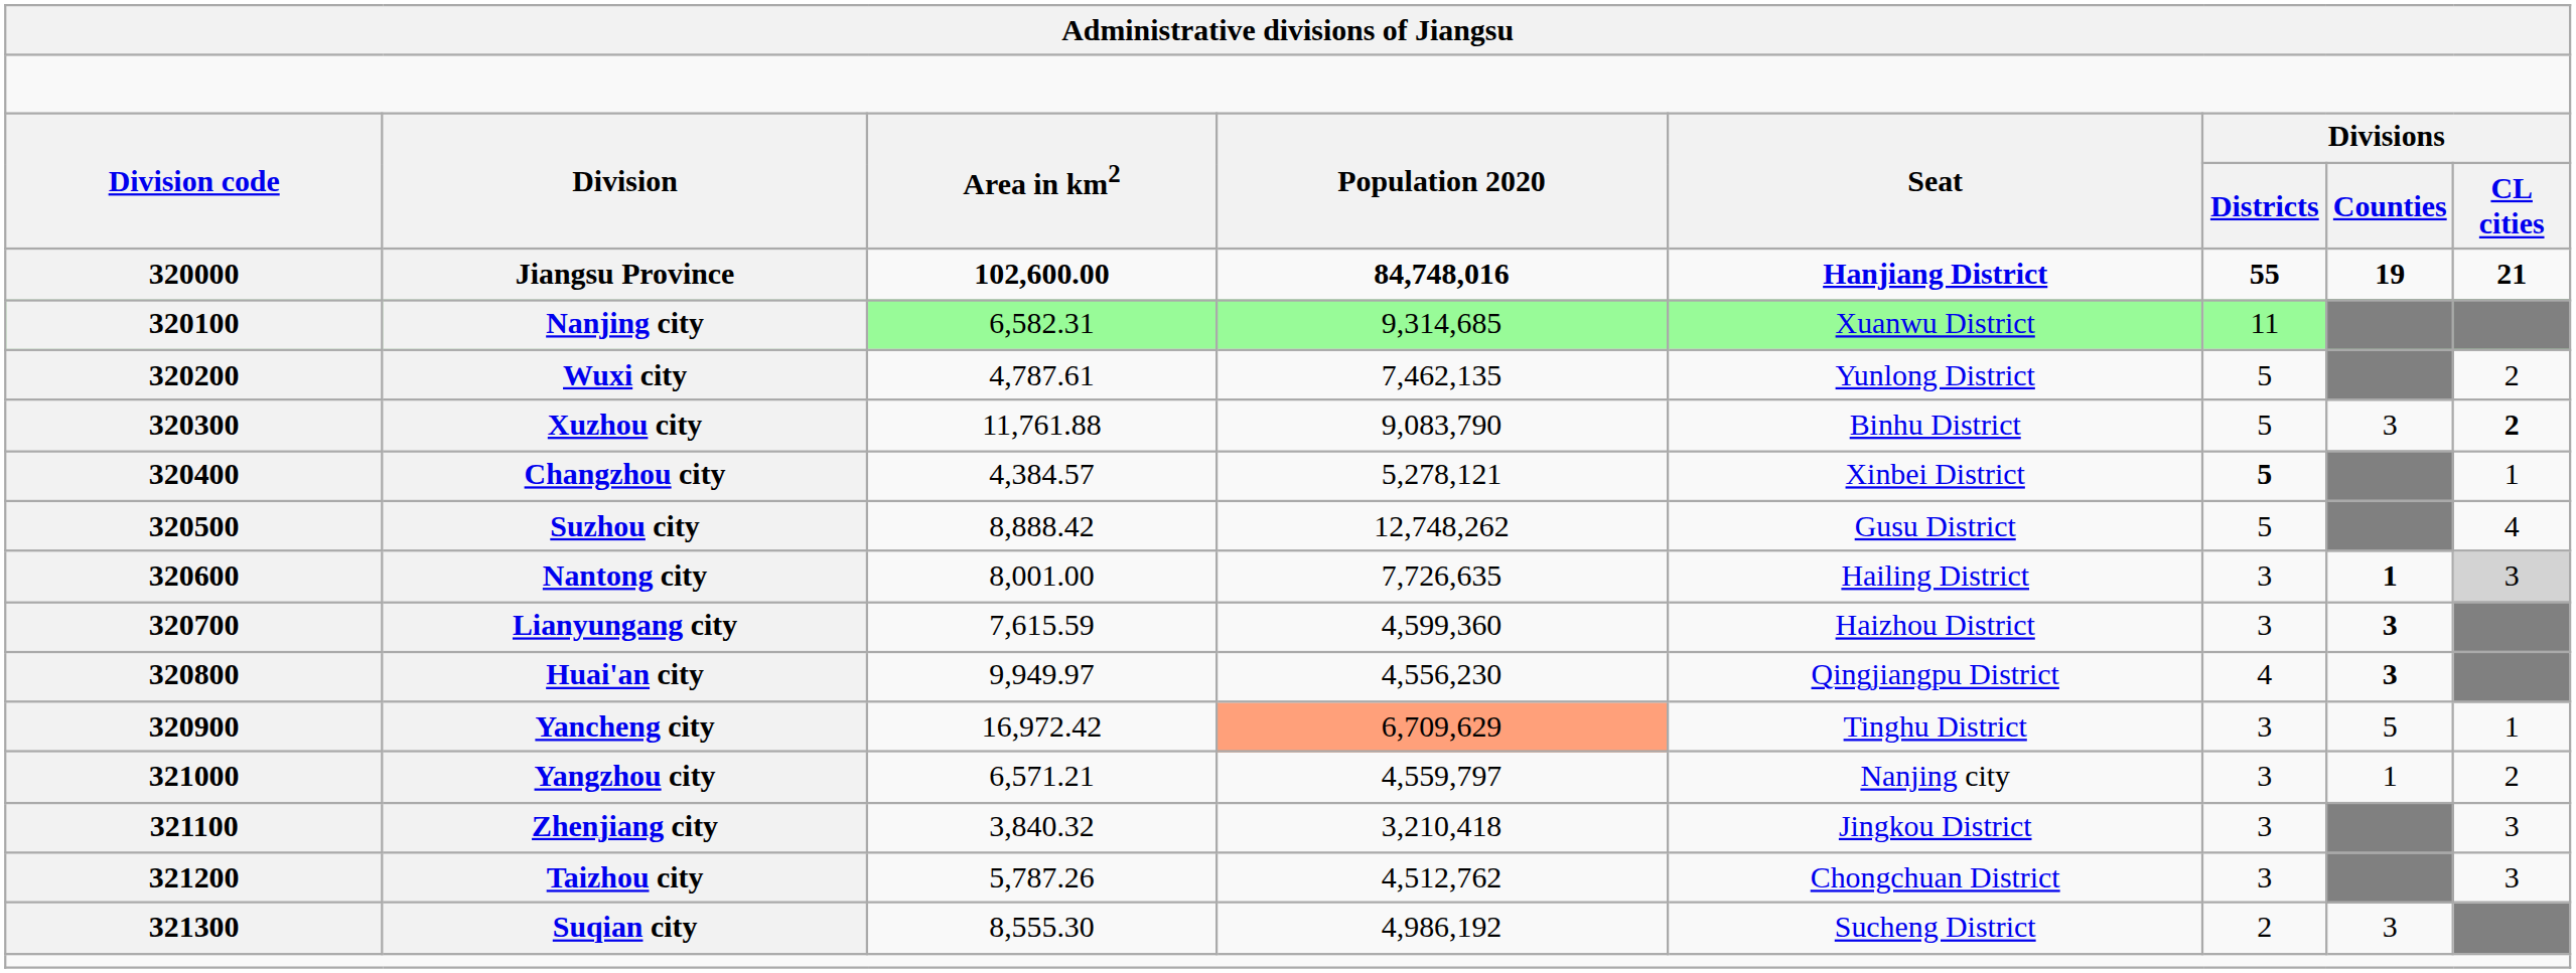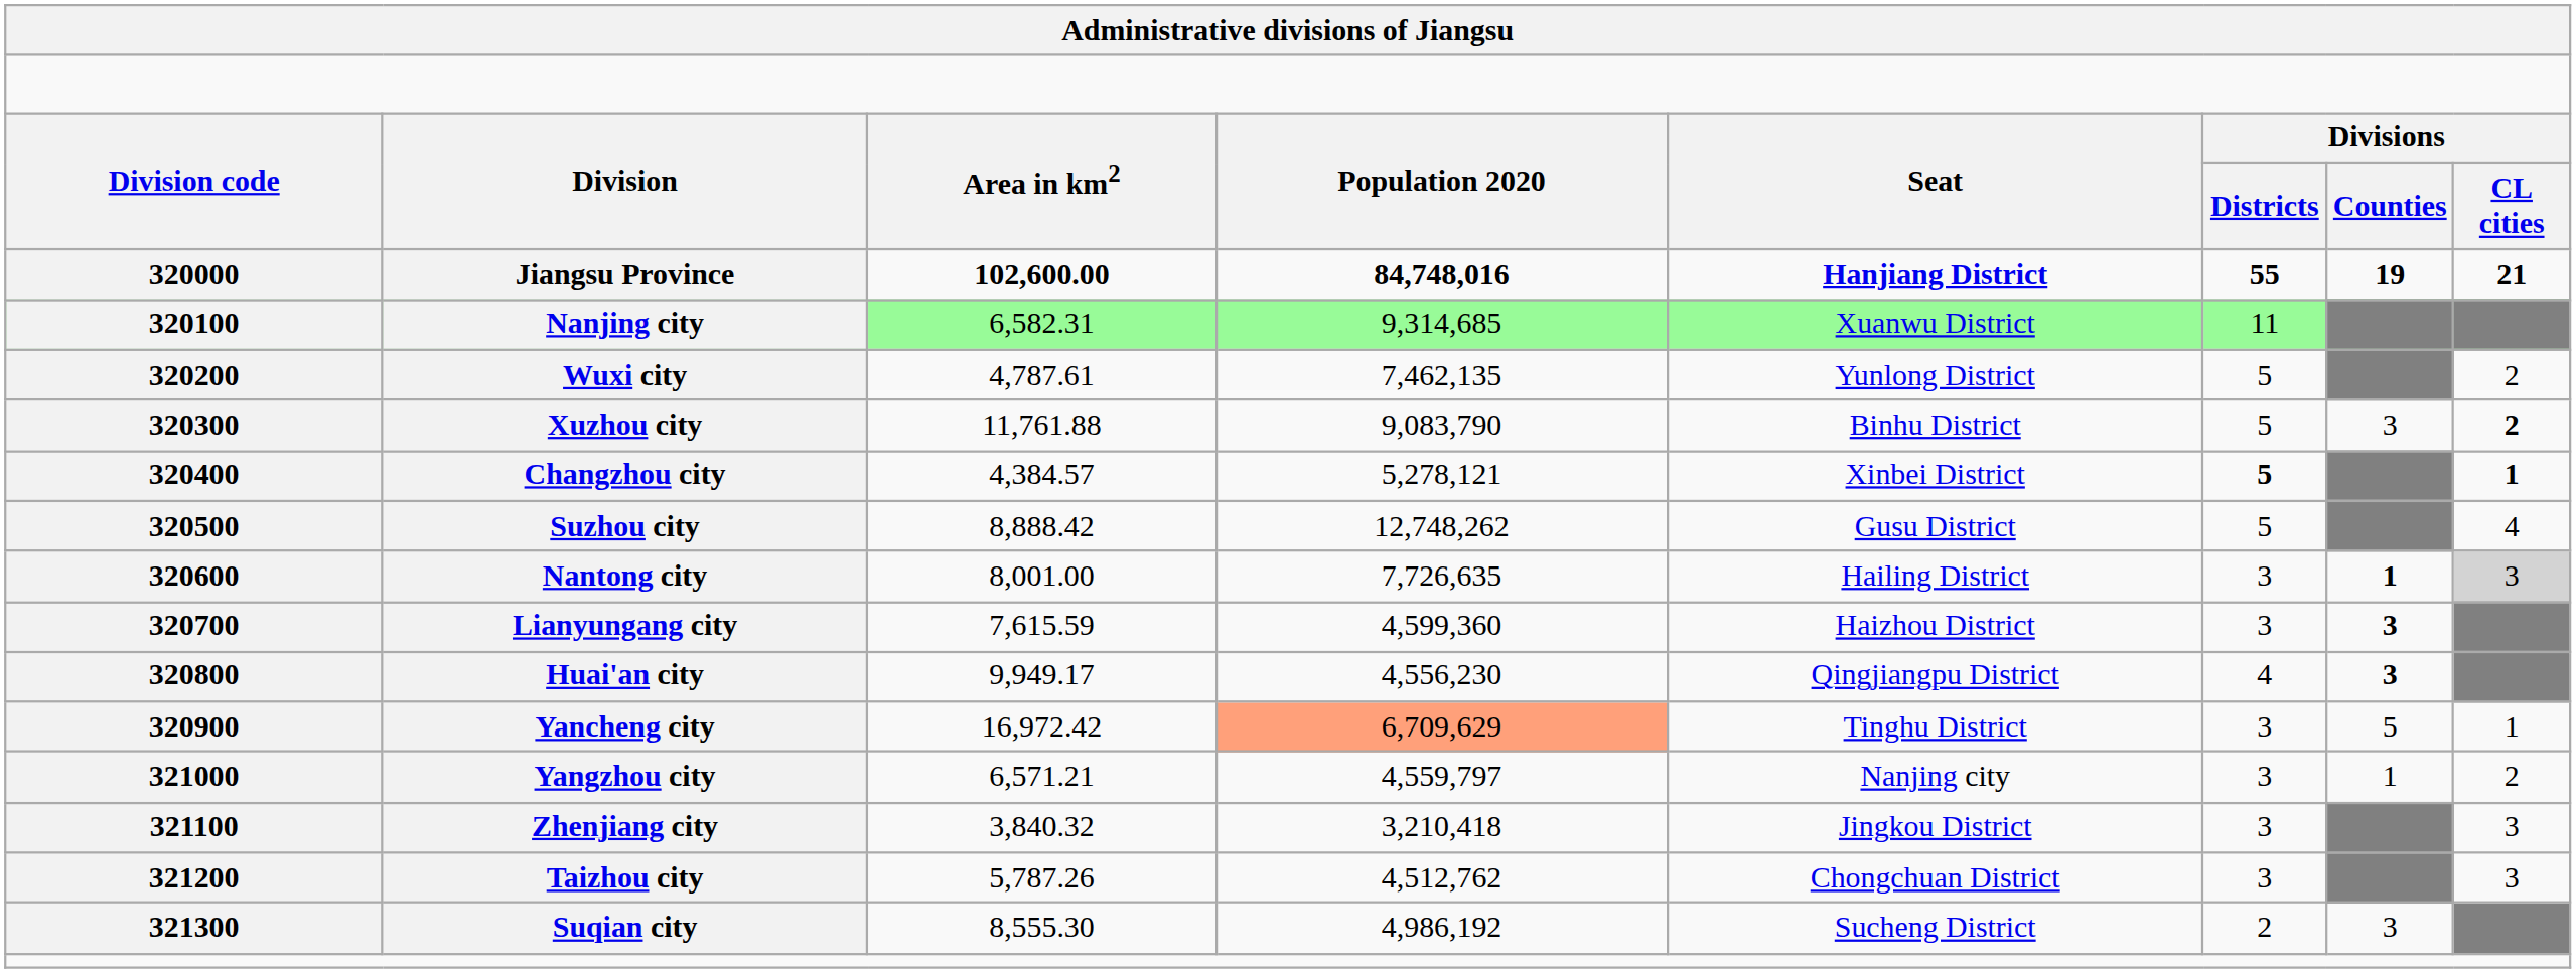 <table class="wikitable" style="margin:1em auto 1em auto; width:90%; font-size:smaller; text-align:center">
 <tr>
 <th colspan="9">Administrative divisions of Jiangsu</th>
 </tr>
 <tr>
 <td colspan="9" style="font-size:larger"><div><br>                </div></td>
 </tr>
 <tr>
 <th ! scope="col" rowspan="2"><a href='#'>Division code</a></th>
 <th ! scope="col" rowspan="2">Division</th>
 <th ! scope="col" rowspan="2">Area in km<sup>2</sup></th>
 <th ! scope="col" rowspan="2">Population 2020</th>
 <th ! scope="col" rowspan="2">Seat</th>
 <th ! scope="col" colspan="3">Divisions</th>
 </tr>
 <tr>
 <th ! scope="col" style="width:45px;"><a href='#'>Districts</a></th>
 <th ! scope="col" style="width:45px;"><a href='#'>Counties</a></th>
 <th ! scope="col" style="width:45px;"><a href='#'>CL cities</a></th>
 </tr>
 <tr style="font-weight: bold">
 <th>320000</th>
 <th>Jiangsu Province</th>
 <td>102,600.00</td>
 <td>84,748,016</td>
 <td><a href='#'>Hanjiang District</a></td>
 <td>55</td>
 <td>19</td>
 <td>21</td>
 </tr>
 <tr style="background:#98fb98;">
 <th>320100</th>
 <th><a href='#'>Nanjing</a> city</th>
 <td>6,582.31</td>
 <td>9,314,685</td>
 <td><a href='#'>Xuanwu District</a></td>
 <td>11</td>
 <td bgcolor=grey></td>
 <td bgcolor=grey></td>
 </tr>
 <tr>
 <th>320200</th>
 <th><a href='#'>Wuxi</a> city</th>
 <td>4,787.61</td>
 <td>7,462,135</td>
 <td><a href='#'>Yunlong District</a></td>
 <td>5</td>
 <td bgcolor=grey></td>
 <td>2</td>
 </tr>
 <tr>
 <th>320300</th>
 <th><a href='#'>Xuzhou</a> city</th>
 <td>11,761.88</td>
 <td>9,083,790</td>
 <td><a href='#'>Binhu District</a></td>
 <td>5</td>
 <td>3</td>
 <td><strong>2</strong></td>
 </tr>
 <tr>
 <th>320400</th>
 <th><a href='#'>Changzhou</a> city</th>
 <td>4,384.57</td>
 <td>5,278,121</td>
 <td><a href='#'>Xinbei District</a></td>
 <td><strong>5</strong></td>
 <td bgcolor=grey></td>
-<td>1</td>
+<td><strong>1</strong></td>
 </tr>
 <tr>
 <th>320500</th>
 <th><a href='#'>Suzhou</a> city</th>
 <td>8,888.42</td>
 <td>12,748,262</td>
 <td><a href='#'>Gusu District</a></td>
 <td>5</td>
 <td bgcolor=grey></td>
 <td>4</td>
 </tr>
 <tr>
 <th>320600</th>
 <th><a href='#'>Nantong</a> city</th>
 <td>8,001.00</td>
 <td>7,726,635</td>
 <td><a href='#'>Hailing District</a></td>
 <td>3</td>
 <td><strong>1</strong></td>
 <td style="background: lightgrey;">3</td>
 </tr>
 <tr>
 <th>320700</th>
 <th><a href='#'>Lianyungang</a> city</th>
 <td>7,615.59</td>
 <td>4,599,360</td>
 <td><a href='#'>Haizhou District</a></td>
 <td>3</td>
 <td><strong>3</strong></td>
 <td bgcolor=grey></td>
 </tr>
 <tr>
 <th>320800</th>
 <th><a href='#'>Huai'an</a> city</th>
-<td>9,949.97</td>
+<td>9,949.17</td>
 <td>4,556,230</td>
 <td><a href='#'>Qingjiangpu District</a></td>
 <td>4</td>
 <td><strong>3</strong></td>
 <td bgcolor=grey></td>
 </tr>
 <tr>
 <th>320900</th>
 <th><a href='#'>Yancheng</a> city</th>
 <td>16,972.42</td>
 <td style="background: lightsalmon;">6,709,629</td>
 <td><a href='#'>Tinghu District</a></td>
 <td>3</td>
 <td>5</td>
 <td>1</td>
 </tr>
 <tr>
 <th>321000</th>
 <th><a href='#'>Yangzhou</a> city</th>
 <td>6,571.21</td>
 <td>4,559,797</td>
 <td><a href='#'>Nanjing</a> city</td>
 <td>3</td>
 <td>1</td>
 <td>2</td>
 </tr>
 <tr>
 <th>321100</th>
 <th><a href='#'>Zhenjiang</a> city</th>
 <td>3,840.32</td>
 <td>3,210,418</td>
 <td><a href='#'>Jingkou District</a></td>
 <td>3</td>
 <td bgcolor=grey></td>
 <td>3</td>
 </tr>
 <tr>
 <th>321200</th>
 <th><a href='#'>Taizhou</a> city</th>
 <td>5,787.26</td>
 <td>4,512,762</td>
 <td><a href='#'>Chongchuan District</a></td>
 <td>3</td>
 <td bgcolor=grey></td>
 <td>3</td>
 </tr>
 <tr>
 <th>321300</th>
 <th><a href='#'>Suqian</a> city</th>
 <td>8,555.30</td>
 <td>4,986,192</td>
 <td><a href='#'>Sucheng District</a></td>
 <td>2</td>
 <td>3</td>
 <td bgcolor=grey></td>
 </tr>
 <tr>
 <td colspan=11></td>
 </tr>
 </table>
